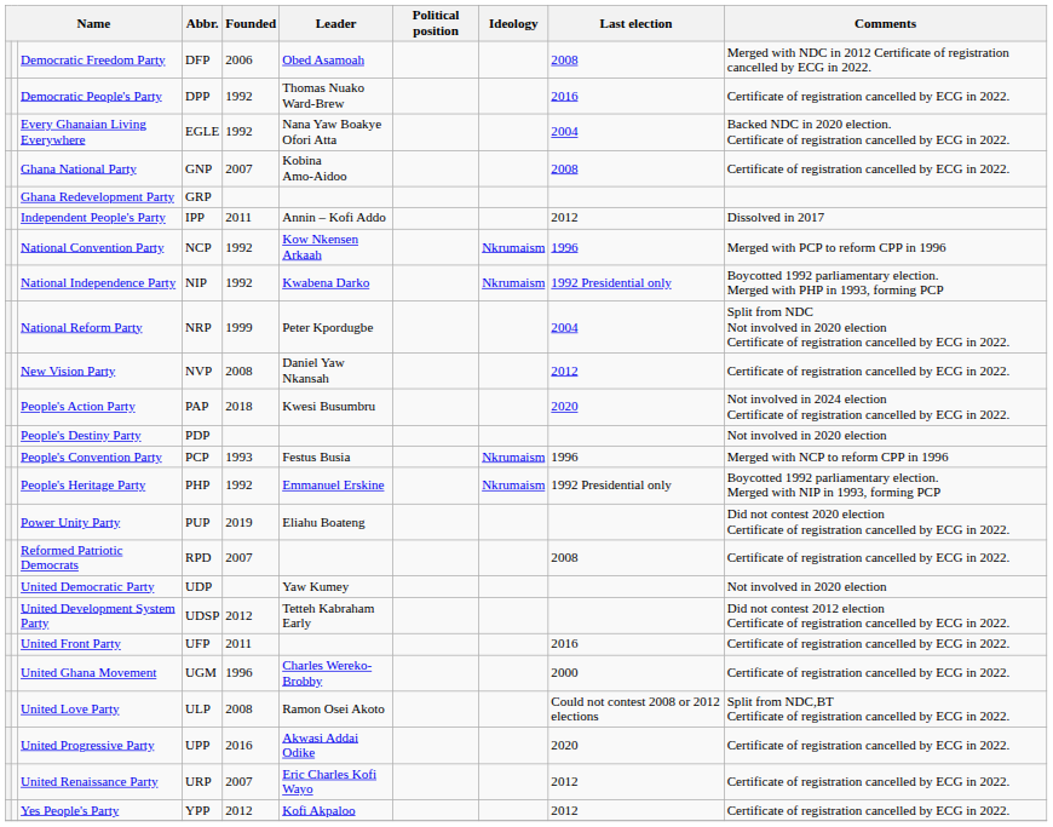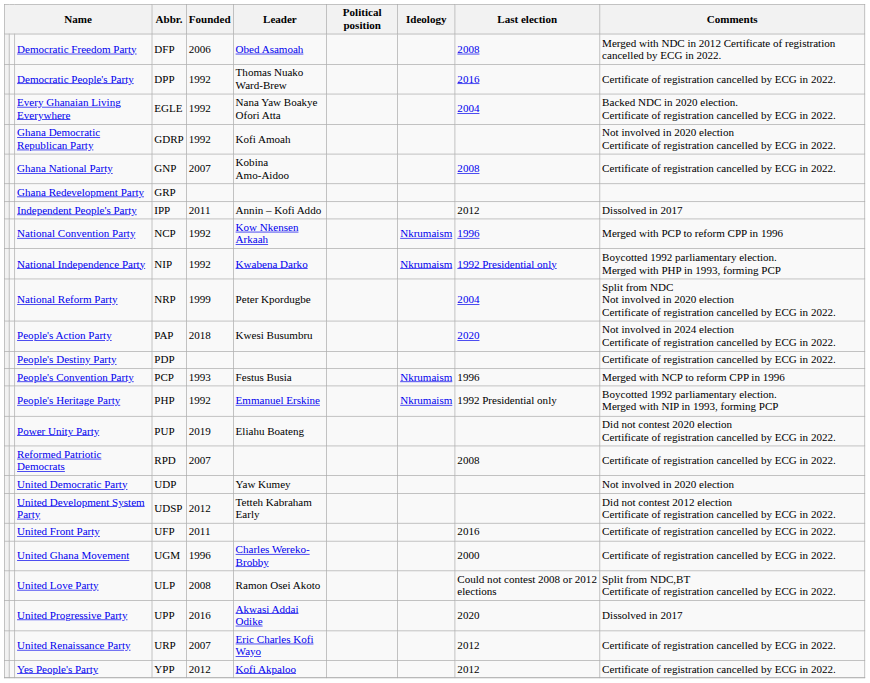 <table class="wikitable">
 <tr>
 <th colspan=3>Name</th>
 <th>Abbr.</th>
 <th>Founded</th>
 <th>Leader</th>
 <th>Political position</th>
 <th>Ideology</th>
 <th>Last election</th>
 <th>Comments</th>
 </tr>
 <tr>
 <th style="background-color:"></th>
 <td></td>
 <td><a href='#'>Democratic Freedom Party</a><br></td>
 <td>DFP</td>
 <td>2006</td>
 <td><a href='#'>Obed Asamoah</a></td>
 <td></td>
 <td></td>
 <td><a href='#'>2008</a></td>
 <td>Merged with NDC in 2012 Certificate of registration cancelled by ECG in 2022.</td>
 </tr>
 <tr>
 <th style="background-color:"></th>
 <td></td>
 <td><a href='#'>Democratic People's Party</a><br></td>
 <td>DPP</td>
 <td>1992</td>
 <td>Thomas Nuako<br>Ward-Brew</td>
 <td></td>
 <td></td>
 <td><a href='#'>2016</a></td>
 <td>Certificate of registration cancelled by ECG in 2022.</td>
 </tr>
 <tr>
 <th></th>
 <td></td>
 <td><a href='#'>Every Ghanaian Living Everywhere</a><br></td>
 <td>EGLE</td>
 <td>1992</td>
 <td>Nana Yaw Boakye<br>Ofori Atta</td>
 <td></td>
 <td></td>
 <td><a href='#'>2004</a></td>
 <td>Backed NDC in 2020 election. <br>Certificate of registration cancelled by ECG in 2022.</td>
+</tr>
+<tr>
+<th style="background-color:"></th>
+<td></td>
+<td><a href='#'>Ghana Democratic Republican Party</a><br></td>
+<td>GDRP</td>
+<td>1992</td>
+<td>Kofi Amoah</td>
+<td></td>
+<td></td>
+<td></td>
+<td>Not involved in 2020 election<br>Certificate of registration cancelled by ECG in 2022.</td>
 </tr>
 <tr>
 <th style="background-color:"></th>
 <td></td>
 <td><a href='#'>Ghana National Party</a><br></td>
 <td>GNP</td>
 <td>2007</td>
 <td>Kobina<br>Amo-Aidoo</td>
 <td></td>
 <td></td>
 <td><a href='#'>2008</a></td>
 <td>Certificate of registration cancelled by ECG in 2022.</td>
 </tr>
 <tr>
 <th></th>
 <td></td>
 <td><a href='#'>Ghana Redevelopment Party</a><br></td>
 <td>GRP</td>
 <td></td>
 <td></td>
 <td></td>
 <td></td>
 <td></td>
 <td></td>
 </tr>
 <tr>
 <th></th>
 <td></td>
 <td><a href='#'>Independent People's Party</a><br></td>
 <td>IPP</td>
 <td>2011</td>
 <td>Annin – Kofi Addo</td>
 <td></td>
 <td></td>
 <td>2012</td>
 <td>Dissolved in 2017</td>
 </tr>
 <tr>
 <th></th>
 <td></td>
 <td><a href='#'>National Convention Party</a><br></td>
 <td>NCP</td>
 <td>1992</td>
 <td><a href='#'>Kow Nkensen Arkaah</a></td>
 <td></td>
 <td><a href='#'>Nkrumaism</a></td>
 <td><a href='#'>1996</a></td>
 <td>Merged with PCP to reform CPP in 1996</td>
 </tr>
 <tr>
 <th></th>
 <td></td>
 <td><a href='#'>National Independence Party</a><br></td>
 <td>NIP</td>
 <td>1992</td>
 <td><a href='#'>Kwabena Darko</a></td>
 <td></td>
 <td><a href='#'>Nkrumaism</a></td>
 <td><a href='#'>1992 Presidential only</a></td>
 <td>Boycotted 1992 parliamentary election.<br>Merged with PHP in 1993, forming PCP</td>
 </tr>
 <tr>
 <th style="background-color:"></th>
 <td></td>
 <td><a href='#'>National Reform Party</a><br></td>
 <td>NRP</td>
 <td>1999</td>
 <td>Peter Kpordugbe</td>
 <td></td>
 <td></td>
 <td><a href='#'>2004</a></td>
 <td>Split from NDC<br>Not involved in 2020 election<br>Certificate of registration cancelled by ECG in 2022.</td>
 </tr>
 <tr>
 <th style="background-color:"></th>
 <td></td>
-<td><a href='#'>New Vision Party</a><br></td>
-<td>NVP</td>
-<td>2008</td>
-<td>Daniel Yaw Nkansah</td>
-<td></td>
-<td></td>
-<td><a href='#'>2012</a></td>
-<td>Certificate of registration cancelled by ECG in 2022.</td>
-</tr>
-<tr>
-<th style="background-color:"></th>
-<td></td>
 <td><a href='#'>People's Action Party</a><br></td>
 <td>PAP</td>
 <td>2018</td>
 <td>Kwesi Busumbru</td>
 <td></td>
 <td></td>
 <td><a href='#'>2020</a></td>
 <td>Not involved in 2024 election<br>Certificate of registration cancelled by ECG in 2022.</td>
 </tr>
 <tr>
 <th style="background-color:"></th>
 <td></td>
 <td><a href='#'>People's Destiny Party</a><br></td>
 <td>PDP</td>
 <td></td>
 <td></td>
 <td></td>
 <td></td>
 <td></td>
-<td>Not involved in 2020 election</td>
+<td>Certificate of registration cancelled by ECG in 2022.</td>
 </tr>
 <tr>
 <th></th>
 <td></td>
 <td><a href='#'>People's Convention Party</a><br></td>
 <td>PCP</td>
 <td>1993</td>
 <td>Festus Busia</td>
 <td></td>
 <td><a href='#'>Nkrumaism</a></td>
 <td>1996</td>
 <td>Merged with NCP to reform CPP in 1996</td>
 </tr>
 <tr>
 <th></th>
 <td></td>
 <td><a href='#'>People's Heritage Party</a><br></td>
 <td>PHP</td>
 <td>1992</td>
 <td><a href='#'>Emmanuel Erskine</a></td>
 <td></td>
 <td><a href='#'>Nkrumaism</a></td>
 <td>1992 Presidential only</td>
 <td>Boycotted 1992 parliamentary election.<br>Merged with NIP in 1993, forming PCP</td>
 </tr>
 <tr>
 <th style="background-color:"></th>
 <td></td>
 <td><a href='#'>Power Unity Party</a><br></td>
 <td>PUP</td>
 <td>2019</td>
 <td>Eliahu Boateng</td>
 <td></td>
 <td></td>
 <td></td>
 <td>Did not contest 2020 election<br>Certificate of registration cancelled by ECG in 2022.</td>
 </tr>
 <tr>
 <th style="background-color:"></th>
 <td></td>
 <td><a href='#'>Reformed Patriotic Democrats</a><br></td>
 <td>RPD</td>
 <td>2007</td>
 <td></td>
 <td></td>
 <td></td>
 <td>2008</td>
 <td>Certificate of registration cancelled by ECG in 2022.</td>
 </tr>
 <tr>
 <th style="background-color:"></th>
 <td></td>
 <td><a href='#'>United Democratic Party</a><br></td>
 <td>UDP</td>
 <td></td>
 <td>Yaw Kumey</td>
 <td></td>
 <td></td>
 <td></td>
 <td>Not involved in 2020 election</td>
 </tr>
 <tr>
 <th style="background-color:"></th>
 <td></td>
 <td><a href='#'>United Development System Party</a><br></td>
 <td>UDSP</td>
 <td>2012</td>
 <td>Tetteh Kabraham Early</td>
 <td></td>
 <td></td>
 <td></td>
 <td>Did not contest 2012 election<br>Certificate of registration cancelled by ECG in 2022.</td>
 </tr>
 <tr>
 <th style="background-color:"></th>
 <td></td>
 <td><a href='#'>United Front Party</a><br></td>
 <td>UFP</td>
 <td>2011</td>
 <td></td>
 <td></td>
 <td></td>
 <td>2016</td>
 <td>Certificate of registration cancelled by ECG in 2022.</td>
 </tr>
 <tr>
 <th style="background-color:"></th>
 <td></td>
 <td><a href='#'>United Ghana Movement</a><br></td>
 <td>UGM</td>
 <td>1996</td>
 <td><a href='#'>Charles Wereko-Brobby</a></td>
 <td></td>
 <td></td>
 <td>2000</td>
 <td>Certificate of registration cancelled by ECG in 2022.</td>
 </tr>
 <tr>
 <th></th>
 <td></td>
 <td><a href='#'>United Love Party </a><br></td>
 <td>ULP</td>
 <td>2008</td>
 <td>Ramon Osei Akoto</td>
 <td></td>
 <td></td>
 <td>Could not contest 2008 or 2012 elections</td>
 <td>Split from NDC,BT<br>Certificate of registration cancelled by ECG in 2022.</td>
 </tr>
 <tr>
 <th style="background-color:"></th>
 <td></td>
 <td><a href='#'>United Progressive Party</a><br></td>
 <td>UPP</td>
 <td>2016</td>
 <td><a href='#'>Akwasi Addai Odike</a></td>
 <td></td>
 <td></td>
 <td>2020</td>
-<td>Certificate of registration cancelled by ECG in 2022.</td>
+<td>Dissolved in 2017</td>
 </tr>
 <tr>
 <th style="background-color:"></th>
 <td></td>
 <td><a href='#'>United Renaissance Party</a><br></td>
 <td>URP</td>
 <td>2007</td>
 <td><a href='#'>Eric Charles Kofi Wayo</a></td>
 <td></td>
 <td></td>
 <td>2012</td>
 <td>Certificate of registration cancelled by ECG in 2022.</td>
 </tr>
 <tr>
 <th style="background-color:"></th>
 <td></td>
 <td><a href='#'>Yes People's Party</a><br></td>
 <td>YPP</td>
 <td>2012</td>
 <td><a href='#'>Kofi Akpaloo</a></td>
 <td></td>
 <td></td>
 <td>2012</td>
 <td>Certificate of registration cancelled by ECG in 2022.</td>
 </tr>
 <tr>
 </tr>
 </table>
